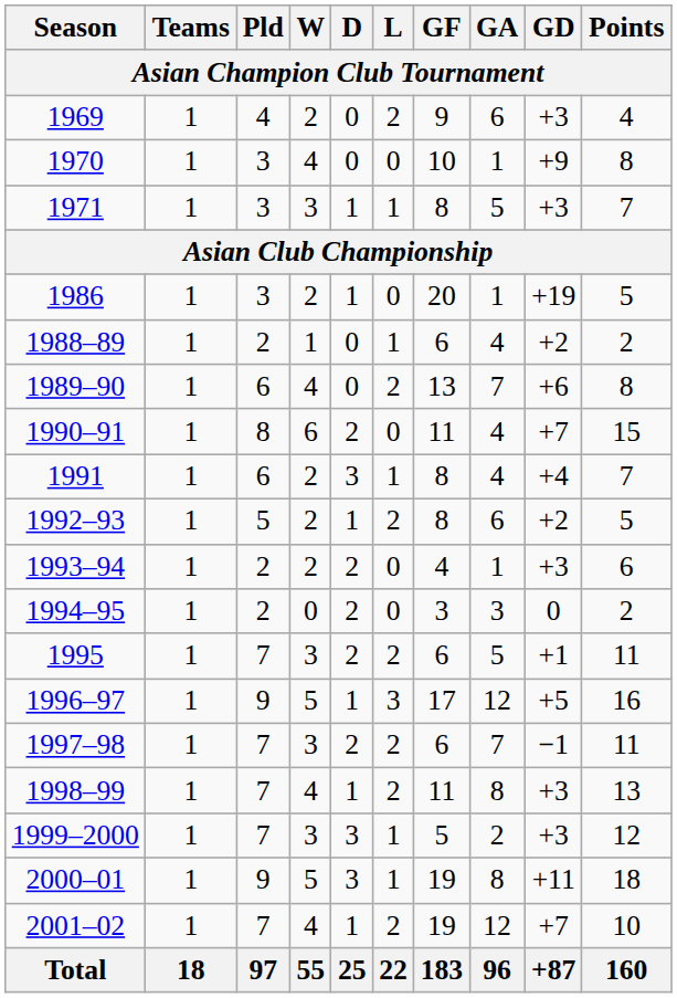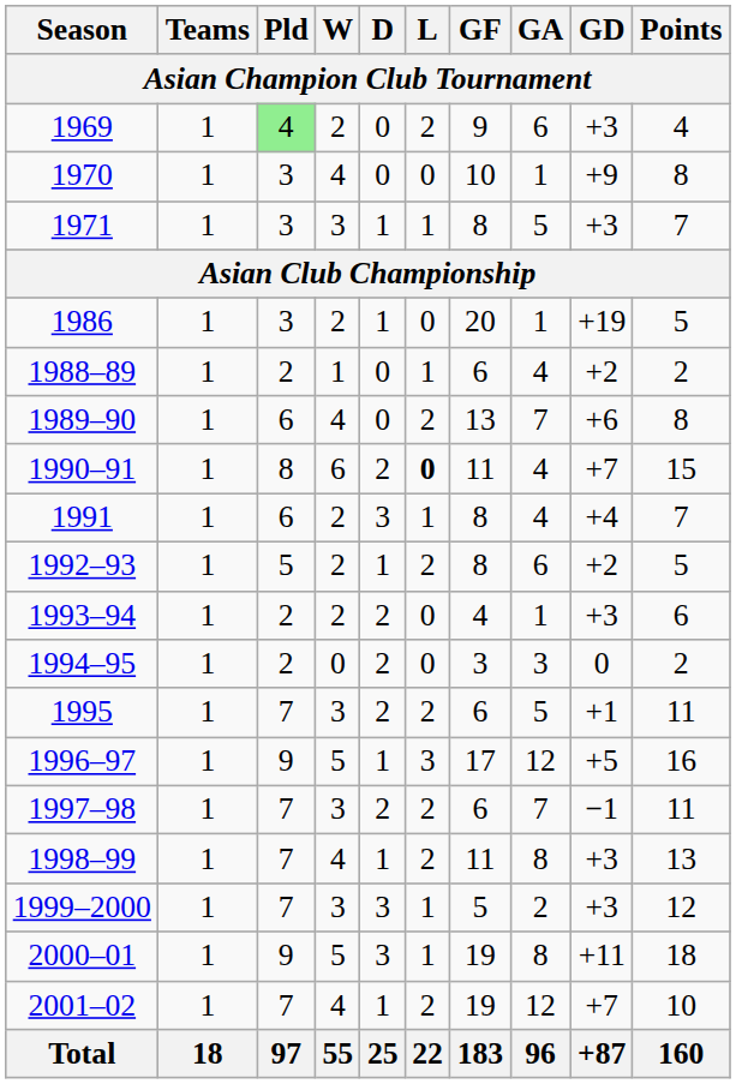 <table class="wikitable sortable" style="text-align:center">
 <tr>
 <th>Season</th>
 <th>Teams</th>
 <th>Pld</th>
 <th>W</th>
 <th>D</th>
 <th>L</th>
 <th>GF</th>
 <th>GA</th>
 <th>GD</th>
 <th>Points</th>
 </tr>
 <tr>
 <th colspan="10"><em>Asian Champion Club Tournament</em></th>
 </tr>
 <tr>
 <td><a href='#'>1969</a></td>
 <td>1</td>
-<td>4</td>
+<td style="background: lightgreen;">4</td>
 <td>2</td>
 <td>0</td>
 <td>2</td>
 <td>9</td>
 <td>6</td>
 <td>+3</td>
 <td>4</td>
 </tr>
 <tr>
 <td><a href='#'>1970</a></td>
 <td>1</td>
 <td>3</td>
 <td>4</td>
 <td>0</td>
 <td>0</td>
 <td>10</td>
 <td>1</td>
 <td>+9</td>
 <td>8</td>
 </tr>
 <tr>
 <td><a href='#'>1971</a></td>
 <td>1</td>
 <td>3</td>
 <td>3</td>
 <td>1</td>
 <td>1</td>
 <td>8</td>
 <td>5</td>
 <td>+3</td>
 <td>7</td>
 </tr>
 <tr>
 <th colspan="10"><em>Asian Club Championship</em></th>
 </tr>
 <tr>
 <td><a href='#'>1986</a></td>
 <td>1</td>
 <td>3</td>
 <td>2</td>
 <td>1</td>
 <td>0</td>
 <td>20</td>
 <td>1</td>
 <td>+19</td>
 <td>5</td>
 </tr>
 <tr>
 <td><a href='#'>1988–89</a></td>
 <td>1</td>
 <td>2</td>
 <td>1</td>
 <td>0</td>
 <td>1</td>
 <td>6</td>
 <td>4</td>
 <td>+2</td>
 <td>2</td>
 </tr>
 <tr>
 <td><a href='#'>1989–90</a></td>
 <td>1</td>
 <td>6</td>
 <td>4</td>
 <td>0</td>
 <td>2</td>
 <td>13</td>
 <td>7</td>
 <td>+6</td>
 <td>8</td>
 </tr>
 <tr>
 <td><a href='#'>1990–91</a></td>
 <td>1</td>
 <td>8</td>
 <td>6</td>
 <td>2</td>
-<td>0</td>
+<td><strong>0</strong></td>
 <td>11</td>
 <td>4</td>
 <td>+7</td>
 <td>15</td>
 </tr>
 <tr>
 <td><a href='#'>1991</a></td>
 <td>1</td>
 <td>6</td>
 <td>2</td>
 <td>3</td>
 <td>1</td>
 <td>8</td>
 <td>4</td>
 <td>+4</td>
 <td>7</td>
 </tr>
 <tr>
 <td><a href='#'>1992–93</a></td>
 <td>1</td>
 <td>5</td>
 <td>2</td>
 <td>1</td>
 <td>2</td>
 <td>8</td>
 <td>6</td>
 <td>+2</td>
 <td>5</td>
 </tr>
 <tr>
 <td><a href='#'>1993–94</a></td>
 <td>1</td>
 <td>2</td>
 <td>2</td>
 <td>2</td>
 <td>0</td>
 <td>4</td>
 <td>1</td>
 <td>+3</td>
 <td>6</td>
 </tr>
 <tr>
 <td><a href='#'>1994–95</a></td>
 <td>1</td>
 <td>2</td>
 <td>0</td>
 <td>2</td>
 <td>0</td>
 <td>3</td>
 <td>3</td>
 <td>0</td>
 <td>2</td>
 </tr>
 <tr>
 <td><a href='#'>1995</a></td>
 <td>1</td>
 <td>7</td>
 <td>3</td>
 <td>2</td>
 <td>2</td>
 <td>6</td>
 <td>5</td>
 <td>+1</td>
 <td>11</td>
 </tr>
 <tr>
 <td><a href='#'>1996–97</a></td>
 <td>1</td>
 <td>9</td>
 <td>5</td>
 <td>1</td>
 <td>3</td>
 <td>17</td>
 <td>12</td>
 <td>+5</td>
 <td>16</td>
 </tr>
 <tr>
 <td><a href='#'>1997–98</a></td>
 <td>1</td>
 <td>7</td>
 <td>3</td>
 <td>2</td>
 <td>2</td>
 <td>6</td>
 <td>7</td>
 <td>−1</td>
 <td>11</td>
 </tr>
 <tr>
 <td><a href='#'>1998–99</a></td>
 <td>1</td>
 <td>7</td>
 <td>4</td>
 <td>1</td>
 <td>2</td>
 <td>11</td>
 <td>8</td>
 <td>+3</td>
 <td>13</td>
 </tr>
 <tr>
 <td><a href='#'>1999–2000</a></td>
 <td>1</td>
 <td>7</td>
 <td>3</td>
 <td>3</td>
 <td>1</td>
 <td>5</td>
 <td>2</td>
 <td>+3</td>
 <td>12</td>
 </tr>
 <tr>
 <td><a href='#'>2000–01</a></td>
 <td>1</td>
 <td>9</td>
 <td>5</td>
 <td>3</td>
 <td>1</td>
 <td>19</td>
 <td>8</td>
 <td>+11</td>
 <td>18</td>
 </tr>
 <tr>
 <td><a href='#'>2001–02</a></td>
 <td>1</td>
 <td>7</td>
 <td>4</td>
 <td>1</td>
 <td>2</td>
 <td>19</td>
 <td>12</td>
 <td>+7</td>
 <td>10</td>
 </tr>
 <tr>
 <th>Total</th>
 <th>18</th>
 <th>97</th>
 <th>55</th>
 <th>25</th>
 <th>22</th>
 <th>183</th>
 <th>96</th>
 <th>+87</th>
 <th>160</th>
 </tr>
 </table>
